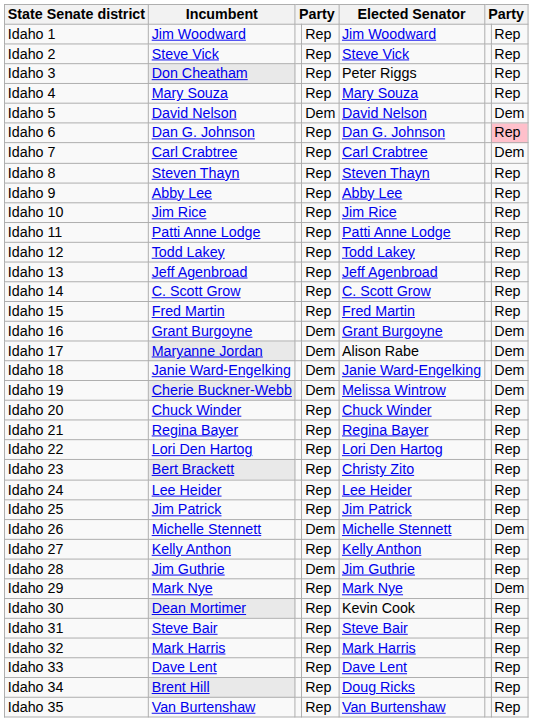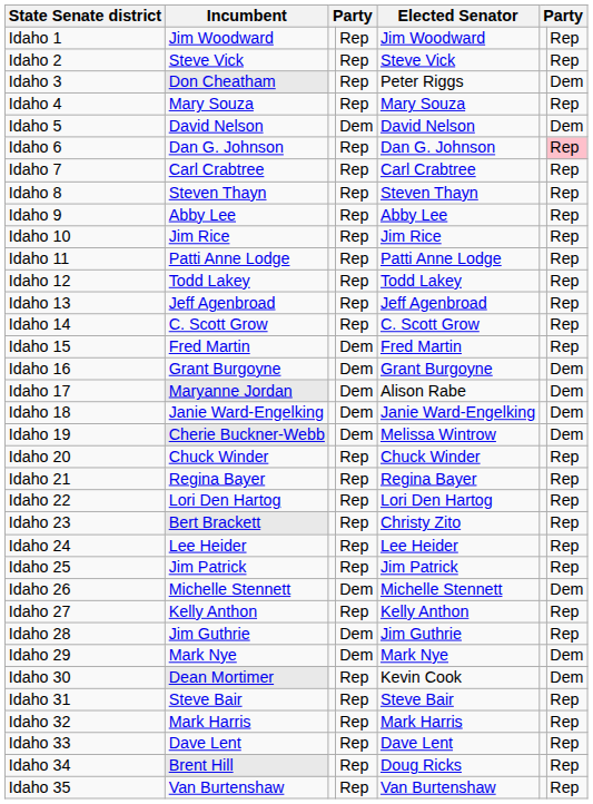 <table class="sortable wikitable" style="font-size:95%;line-height:14px;">
 <tr>
 <th colspan="1">State Senate district</th>
 <th class="unsortable">Incumbent</th>
 <th colspan="2">Party</th>
 <th class="unsortable">Elected Senator</th>
 <th colspan="2">Party</th>
 </tr>
 <tr>
 <td>Idaho 1</td>
 <td><a href='#'>Jim Woodward</a></td>
 <td style="background:"></td>
 <td>Rep</td>
 <td><a href='#'>Jim Woodward</a></td>
 <td style="background:"></td>
 <td>Rep</td>
 </tr>
 <tr>
 <td>Idaho 2</td>
 <td><a href='#'>Steve Vick</a></td>
 <td style="background:"></td>
 <td>Rep</td>
 <td><a href='#'>Steve Vick</a></td>
 <td style="background:"></td>
 <td>Rep</td>
 </tr>
 <tr>
 <td>Idaho 3</td>
 <td style="background:#E9E9E9;"><a href='#'>Don Cheatham</a></td>
 <td style="background:"></td>
 <td>Rep</td>
 <td>Peter Riggs</td>
 <td style="background:"></td>
-<td>Rep</td>
+<td>Dem</td>
 </tr>
 <tr>
 <td>Idaho 4</td>
 <td><a href='#'>Mary Souza</a></td>
 <td style="background:"></td>
 <td>Rep</td>
 <td><a href='#'>Mary Souza</a></td>
 <td style="background:"></td>
 <td>Rep</td>
 </tr>
 <tr>
 <td>Idaho 5</td>
 <td><a href='#'>David Nelson</a></td>
 <td style="background:"></td>
 <td>Dem</td>
 <td><a href='#'>David Nelson</a></td>
 <td style="background:"></td>
 <td>Dem</td>
 </tr>
 <tr>
 <td>Idaho 6</td>
 <td><a href='#'>Dan G. Johnson</a></td>
 <td style="background:"></td>
 <td>Rep</td>
 <td><a href='#'>Dan G. Johnson</a></td>
 <td style="background:"></td>
 <td style="background: pink;">Rep</td>
 </tr>
 <tr>
 <td>Idaho 7</td>
 <td><a href='#'>Carl Crabtree</a></td>
 <td style="background:"></td>
 <td>Rep</td>
 <td><a href='#'>Carl Crabtree</a></td>
 <td style="background:"></td>
-<td>Dem</td>
+<td>Rep</td>
 </tr>
 <tr>
 <td>Idaho 8</td>
 <td><a href='#'>Steven Thayn</a></td>
 <td style="background:"></td>
 <td>Rep</td>
 <td><a href='#'>Steven Thayn</a></td>
 <td style="background:"></td>
 <td>Rep</td>
 </tr>
 <tr>
 <td>Idaho 9</td>
 <td><a href='#'>Abby Lee</a></td>
 <td style="background:"></td>
 <td>Rep</td>
 <td><a href='#'>Abby Lee</a></td>
 <td style="background:"></td>
 <td>Rep</td>
 </tr>
 <tr>
 <td>Idaho 10</td>
 <td><a href='#'>Jim Rice</a></td>
 <td style="background:"></td>
 <td>Rep</td>
 <td><a href='#'>Jim Rice</a></td>
 <td style="background:"></td>
 <td>Rep</td>
 </tr>
 <tr>
 <td>Idaho 11</td>
 <td><a href='#'>Patti Anne Lodge</a></td>
 <td style="background:"></td>
 <td>Rep</td>
 <td><a href='#'>Patti Anne Lodge</a></td>
 <td style="background:"></td>
 <td>Rep</td>
 </tr>
 <tr>
 <td>Idaho 12</td>
 <td><a href='#'>Todd Lakey</a></td>
 <td style="background:"></td>
 <td>Rep</td>
 <td><a href='#'>Todd Lakey</a></td>
 <td style="background:"></td>
 <td>Rep</td>
 </tr>
 <tr>
 <td>Idaho 13</td>
 <td><a href='#'>Jeff Agenbroad</a></td>
 <td style="background:"></td>
 <td>Rep</td>
 <td><a href='#'>Jeff Agenbroad</a></td>
 <td style="background:"></td>
 <td>Rep</td>
 </tr>
 <tr>
 <td>Idaho 14</td>
 <td><a href='#'>C. Scott Grow</a></td>
 <td style="background:"></td>
 <td>Rep</td>
 <td><a href='#'>C. Scott Grow</a></td>
 <td style="background:"></td>
 <td>Rep</td>
 </tr>
 <tr>
 <td>Idaho 15</td>
 <td><a href='#'>Fred Martin</a></td>
 <td style="background:"></td>
-<td>Rep</td>
+<td>Dem</td>
 <td><a href='#'>Fred Martin</a></td>
 <td style="background:"></td>
 <td>Rep</td>
 </tr>
 <tr>
 <td>Idaho 16</td>
 <td><a href='#'>Grant Burgoyne</a></td>
 <td style="background:"></td>
 <td>Dem</td>
 <td><a href='#'>Grant Burgoyne</a></td>
 <td style="background:"></td>
 <td>Dem</td>
 </tr>
 <tr>
 <td>Idaho 17</td>
 <td style="background:#E9E9E9;"><a href='#'>Maryanne Jordan</a></td>
 <td style="background:"></td>
 <td>Dem</td>
 <td>Alison Rabe</td>
 <td style="background:"></td>
 <td>Dem</td>
 </tr>
 <tr>
 <td>Idaho 18</td>
 <td><a href='#'>Janie Ward-Engelking</a></td>
 <td style="background:"></td>
 <td>Dem</td>
 <td><a href='#'>Janie Ward-Engelking</a></td>
 <td style="background:"></td>
 <td>Dem</td>
 </tr>
 <tr>
 <td>Idaho 19</td>
 <td style="background:#E9E9E9;"><a href='#'>Cherie Buckner-Webb</a></td>
 <td style="background:"></td>
 <td>Dem</td>
 <td><a href='#'>Melissa Wintrow</a></td>
 <td style="background:"></td>
 <td>Dem</td>
 </tr>
 <tr>
 <td>Idaho 20</td>
 <td><a href='#'>Chuck Winder</a></td>
 <td style="background:"></td>
 <td>Rep</td>
 <td><a href='#'>Chuck Winder</a></td>
 <td style="background:"></td>
 <td>Rep</td>
 </tr>
 <tr>
 <td>Idaho 21</td>
 <td><a href='#'>Regina Bayer</a></td>
 <td style="background:"></td>
 <td>Rep</td>
 <td><a href='#'>Regina Bayer</a></td>
 <td style="background:"></td>
 <td>Rep</td>
 </tr>
 <tr>
 <td>Idaho 22</td>
 <td><a href='#'>Lori Den Hartog</a></td>
 <td style="background:"></td>
 <td>Rep</td>
 <td><a href='#'>Lori Den Hartog</a></td>
 <td style="background:"></td>
 <td>Rep</td>
 </tr>
 <tr>
 <td>Idaho 23</td>
 <td style="background:#E9E9E9;"><a href='#'>Bert Brackett</a></td>
 <td style="background:"></td>
 <td>Rep</td>
 <td><a href='#'>Christy Zito</a></td>
 <td style="background:"></td>
 <td>Rep</td>
 </tr>
 <tr>
 <td>Idaho 24</td>
 <td><a href='#'>Lee Heider</a></td>
 <td style="background:"></td>
 <td>Rep</td>
 <td><a href='#'>Lee Heider</a></td>
 <td style="background:"></td>
 <td>Rep</td>
 </tr>
 <tr>
 <td>Idaho 25</td>
 <td><a href='#'>Jim Patrick</a></td>
 <td style="background:"></td>
 <td>Rep</td>
 <td><a href='#'>Jim Patrick</a></td>
 <td style="background:"></td>
 <td>Rep</td>
 </tr>
 <tr>
 <td>Idaho 26</td>
 <td><a href='#'>Michelle Stennett</a></td>
 <td style="background:"></td>
 <td>Dem</td>
 <td><a href='#'>Michelle Stennett</a></td>
 <td style="background:"></td>
 <td>Dem</td>
 </tr>
 <tr>
 <td>Idaho 27</td>
 <td><a href='#'>Kelly Anthon</a></td>
 <td style="background:"></td>
 <td>Rep</td>
 <td><a href='#'>Kelly Anthon</a></td>
 <td style="background:"></td>
 <td>Rep</td>
 </tr>
 <tr>
 <td>Idaho 28</td>
 <td><a href='#'>Jim Guthrie</a></td>
 <td style="background:"></td>
 <td>Dem</td>
 <td><a href='#'>Jim Guthrie</a></td>
 <td style="background:"></td>
 <td>Rep</td>
 </tr>
 <tr>
 <td>Idaho 29</td>
 <td><a href='#'>Mark Nye</a></td>
 <td style="background:"></td>
-<td>Rep</td>
+<td>Dem</td>
 <td><a href='#'>Mark Nye</a></td>
 <td style="background:"></td>
 <td>Dem</td>
 </tr>
 <tr>
 <td>Idaho 30</td>
 <td style="background:#E9E9E9;"><a href='#'>Dean Mortimer</a></td>
 <td style="background:"></td>
 <td>Rep</td>
 <td>Kevin Cook</td>
 <td style="background:"></td>
-<td>Rep</td>
+<td>Dem</td>
 </tr>
 <tr>
 <td>Idaho 31</td>
 <td><a href='#'>Steve Bair</a></td>
 <td style="background:"></td>
 <td>Rep</td>
 <td><a href='#'>Steve Bair</a></td>
 <td style="background:"></td>
 <td>Rep</td>
 </tr>
 <tr>
 <td>Idaho 32</td>
 <td><a href='#'>Mark Harris</a></td>
 <td style="background:"></td>
 <td>Rep</td>
 <td><a href='#'>Mark Harris</a></td>
 <td style="background:"></td>
 <td>Rep</td>
 </tr>
 <tr>
 <td>Idaho 33</td>
 <td><a href='#'>Dave Lent</a></td>
 <td style="background:"></td>
 <td>Rep</td>
 <td><a href='#'>Dave Lent</a></td>
 <td style="background:"></td>
 <td>Rep</td>
 </tr>
 <tr>
 <td>Idaho 34</td>
 <td style="background:#E9E9E9;"><a href='#'>Brent Hill</a></td>
 <td style="background:"></td>
 <td>Rep</td>
 <td><a href='#'>Doug Ricks</a></td>
 <td style="background:"></td>
 <td>Rep</td>
 </tr>
 <tr>
 <td>Idaho 35</td>
 <td><a href='#'>Van Burtenshaw</a></td>
 <td style="background:"></td>
 <td>Rep</td>
 <td><a href='#'>Van Burtenshaw</a></td>
 <td style="background:"></td>
 <td>Rep</td>
 </tr>
 </table>
